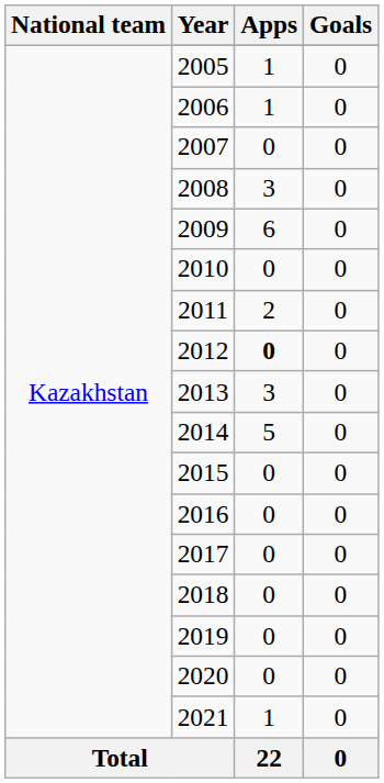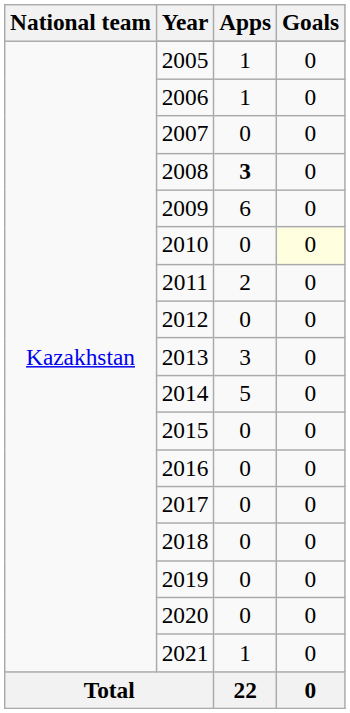 <table class="wikitable" style="text-align: center;">
 <tr>
 <th>National team</th>
 <th>Year</th>
 <th>Apps</th>
 <th>Goals</th>
 </tr>
 <tr>
 <td rowspan="18" valign="center"><a href='#'>Kazakhstan</a></td>
 </tr>
 <tr>
 <td>2005</td>
 <td>1</td>
 <td>0</td>
 </tr>
 <tr>
 <td>2006</td>
 <td>1</td>
 <td>0</td>
 </tr>
 <tr>
 <td>2007</td>
 <td>0</td>
 <td>0</td>
 </tr>
 <tr>
 <td>2008</td>
-<td>3</td>
+<td><strong>3</strong></td>
 <td>0</td>
 </tr>
 <tr>
 <td>2009</td>
 <td>6</td>
 <td>0</td>
 </tr>
 <tr>
 <td>2010</td>
 <td>0</td>
-<td>0</td>
+<td style="background: lightyellow;">0</td>
 </tr>
 <tr>
 <td>2011</td>
 <td>2</td>
 <td>0</td>
 </tr>
 <tr>
 <td>2012</td>
-<td><strong>0</strong></td>
+<td>0</td>
 <td>0</td>
 </tr>
 <tr>
 <td>2013</td>
 <td>3</td>
 <td>0</td>
 </tr>
 <tr>
 <td>2014</td>
 <td>5</td>
 <td>0</td>
 </tr>
 <tr>
 <td>2015</td>
 <td>0</td>
 <td>0</td>
 </tr>
 <tr>
 <td>2016</td>
 <td>0</td>
 <td>0</td>
 </tr>
 <tr>
 <td>2017</td>
 <td>0</td>
 <td>0</td>
 </tr>
 <tr>
 <td>2018</td>
 <td>0</td>
 <td>0</td>
 </tr>
 <tr>
 <td>2019</td>
 <td>0</td>
 <td>0</td>
 </tr>
 <tr>
 <td>2020</td>
 <td>0</td>
 <td>0</td>
 </tr>
 <tr>
 <td>2021</td>
 <td>1</td>
 <td>0</td>
 </tr>
 <tr>
 <th colspan="2">Total</th>
 <th>22</th>
 <th>0</th>
 </tr>
 </table>
